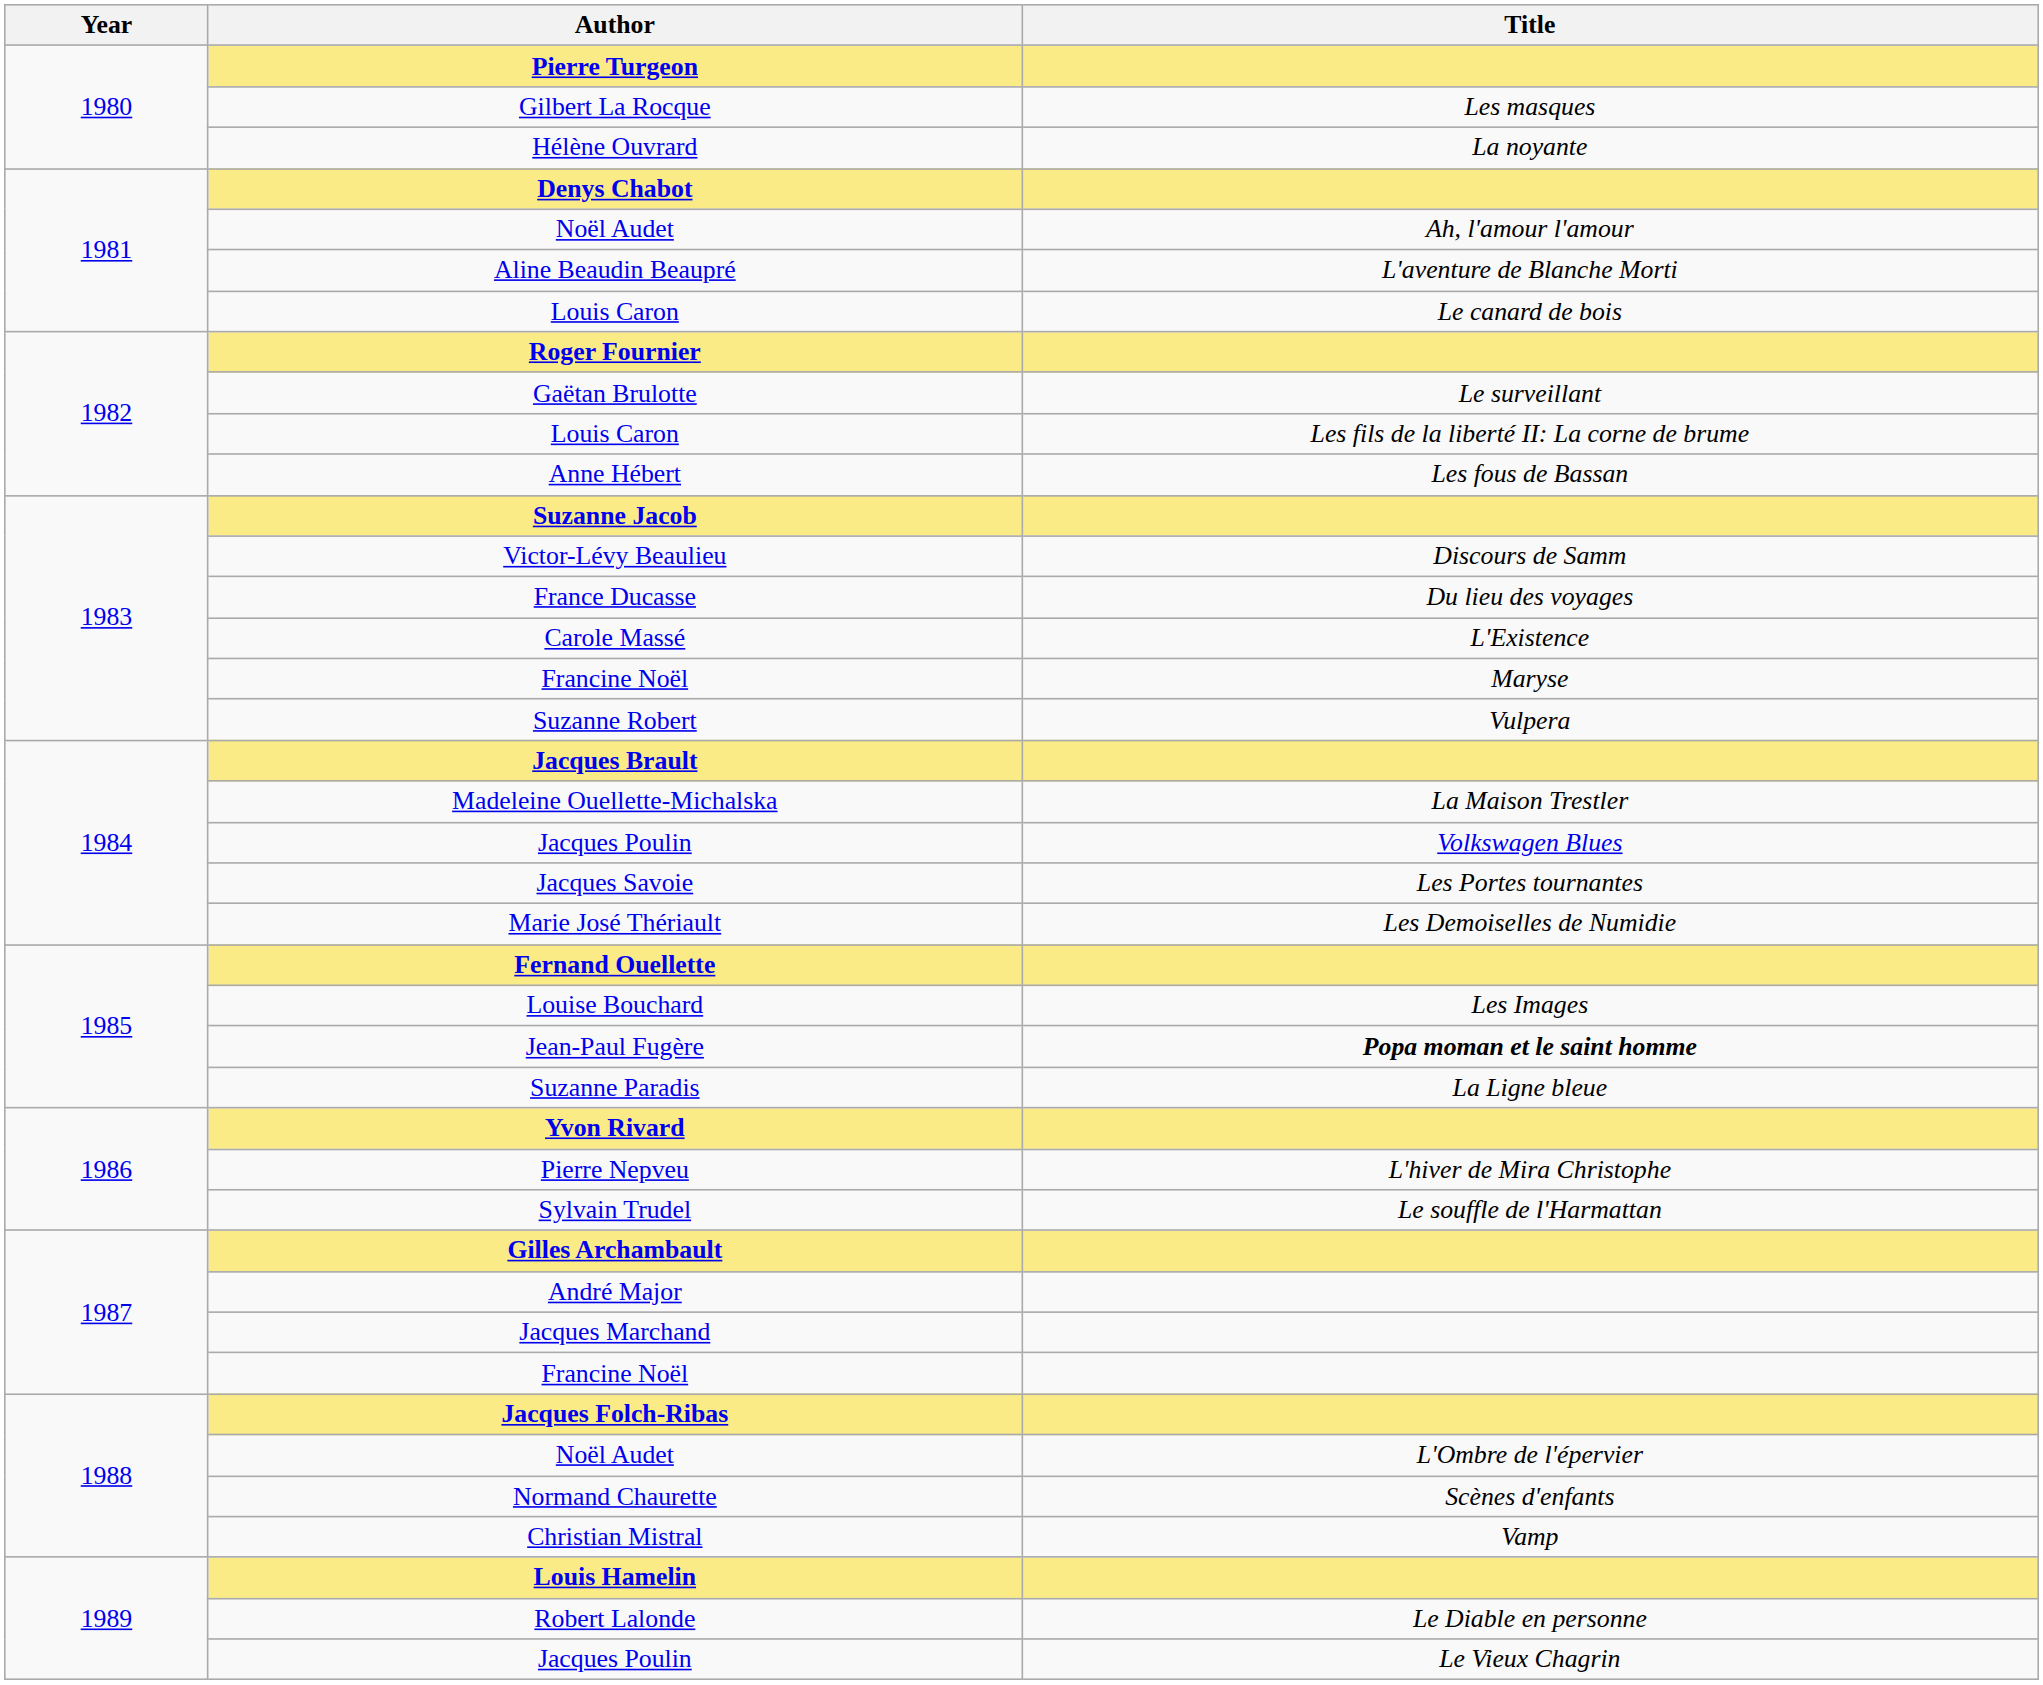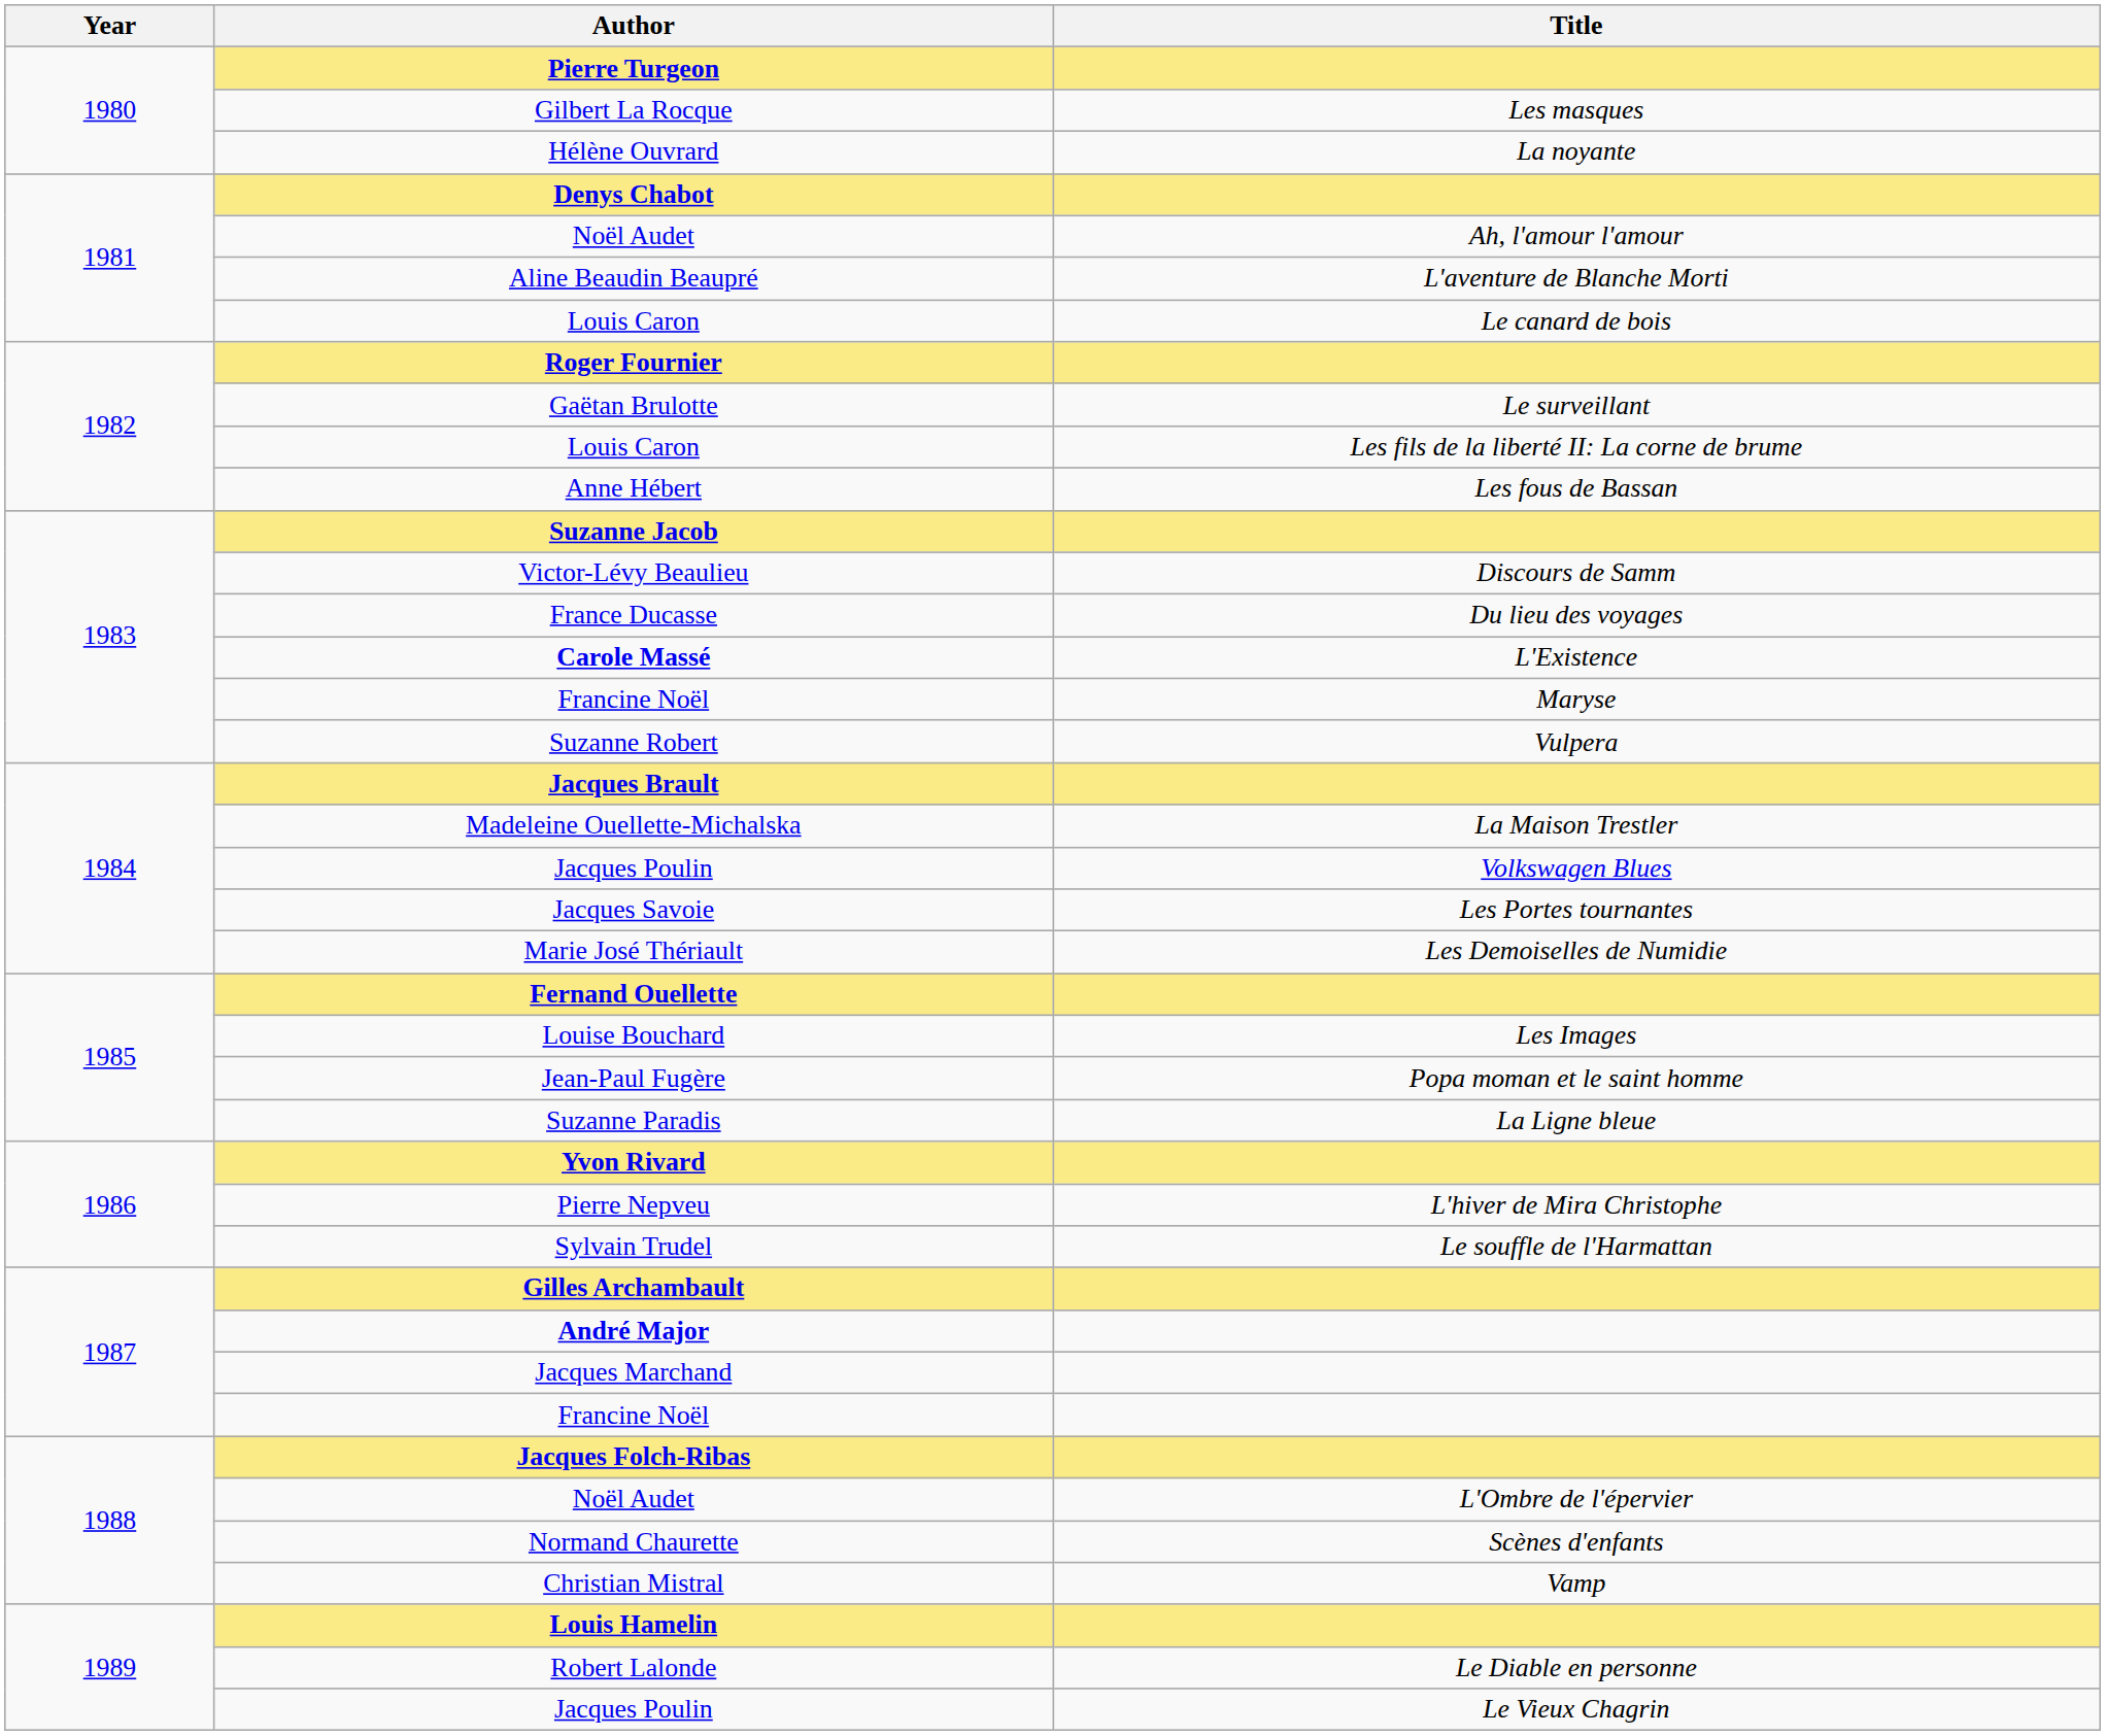 <table class="wikitable" width="100%">
 <tr>
 <th>Year</th>
 <th width="40%">Author</th>
 <th width="50%">Title</th>
 </tr>
 <tr>
 <td align="center" rowspan="3"><a href='#'>1980</a></td>
 <td align="center" style="background:#FAEB86"><strong><a href='#'>Pierre Turgeon</a></strong></td>
 <td align="center" style="background:#FAEB86"><strong><em></em></strong></td>
 </tr>
 <tr>
 <td align="center"><a href='#'>Gilbert La Rocque</a></td>
 <td align="center"><em>Les masques</em></td>
 </tr>
 <tr>
 <td align="center"><a href='#'>Hélène Ouvrard</a></td>
 <td align="center"><em>La noyante</em></td>
 </tr>
 <tr>
 <td align="center" rowspan="4"><a href='#'>1981</a></td>
 <td align="center" style="background:#FAEB86"><strong><a href='#'>Denys Chabot</a></strong></td>
 <td align="center" style="background:#FAEB86"><strong><em></em></strong></td>
 </tr>
 <tr>
 <td align="center"><a href='#'>Noël Audet</a></td>
 <td align="center"><em>Ah, l'amour l'amour</em></td>
 </tr>
 <tr>
 <td align="center"><a href='#'>Aline Beaudin Beaupré</a></td>
 <td align="center"><em>L'aventure de Blanche Morti</em></td>
 </tr>
 <tr>
 <td align="center"><a href='#'>Louis Caron</a></td>
 <td align="center"><em>Le canard de bois</em></td>
 </tr>
 <tr>
 <td align="center" rowspan="4"><a href='#'>1982</a></td>
 <td align="center" style="background:#FAEB86"><strong><a href='#'>Roger Fournier</a></strong></td>
 <td align="center" style="background:#FAEB86"><strong><em></em></strong></td>
 </tr>
 <tr>
 <td align="center"><a href='#'>Gaëtan Brulotte</a></td>
 <td align="center"><em>Le surveillant</em></td>
 </tr>
 <tr>
 <td align="center"><a href='#'>Louis Caron</a></td>
 <td align="center"><em>Les fils de la liberté II:  La corne de brume</em></td>
 </tr>
 <tr>
 <td align="center"><a href='#'>Anne Hébert</a></td>
 <td align="center"><em>Les fous de Bassan</em></td>
 </tr>
 <tr>
 <td align="center" rowspan="6"><a href='#'>1983</a></td>
 <td align="center" style="background:#FAEB86"><strong><a href='#'>Suzanne Jacob</a></strong></td>
 <td align="center" style="background:#FAEB86"><strong><em></em></strong></td>
 </tr>
 <tr>
 <td align="center"><a href='#'>Victor-Lévy Beaulieu</a></td>
 <td align="center"><em>Discours de Samm</em></td>
 </tr>
 <tr>
 <td align="center"><a href='#'>France Ducasse</a></td>
 <td align="center"><em>Du lieu des voyages</em></td>
 </tr>
 <tr>
-<td align="center"><a href='#'>Carole Massé</a></td>
+<td align="center"><strong><a href='#'>Carole Massé</a></strong></td>
 <td align="center"><em>L'Existence</em></td>
 </tr>
 <tr>
 <td align="center"><a href='#'>Francine Noël</a></td>
 <td align="center"><em>Maryse</em></td>
 </tr>
 <tr>
 <td align="center"><a href='#'>Suzanne Robert</a></td>
 <td align="center"><em>Vulpera</em></td>
 </tr>
 <tr>
 <td align="center" rowspan="5"><a href='#'>1984</a></td>
 <td align="center" style="background:#FAEB86"><strong><a href='#'>Jacques Brault</a></strong></td>
 <td align="center" style="background:#FAEB86"><strong><em></em></strong></td>
 </tr>
 <tr>
 <td align="center"><a href='#'>Madeleine Ouellette-Michalska</a></td>
 <td align="center"><em>La Maison Trestler</em></td>
 </tr>
 <tr>
 <td align="center"><a href='#'>Jacques Poulin</a></td>
 <td align="center"><em><a href='#'>Volkswagen Blues</a></em></td>
 </tr>
 <tr>
 <td align="center"><a href='#'>Jacques Savoie</a></td>
 <td align="center"><em>Les Portes tournantes</em></td>
 </tr>
 <tr>
 <td align="center"><a href='#'>Marie José Thériault</a></td>
 <td align="center"><em>Les Demoiselles de Numidie</em></td>
 </tr>
 <tr>
 <td align="center" rowspan="4"><a href='#'>1985</a></td>
 <td align="center" style="background:#FAEB86"><strong><a href='#'>Fernand Ouellette</a></strong></td>
 <td align="center" style="background:#FAEB86"><strong><em></em></strong></td>
 </tr>
 <tr>
 <td align="center"><a href='#'>Louise Bouchard</a></td>
 <td align="center"><em>Les Images</em></td>
 </tr>
 <tr>
 <td align="center"><a href='#'>Jean-Paul Fugère</a></td>
-<td align="center"><strong><em>Popa moman et le saint homme</em></strong></td>
+<td align="center"><em>Popa moman et le saint homme</em></td>
 </tr>
 <tr>
 <td align="center"><a href='#'>Suzanne Paradis</a></td>
 <td align="center"><em>La Ligne bleue</em></td>
 </tr>
 <tr>
 <td align="center" rowspan="3"><a href='#'>1986</a></td>
 <td align="center" style="background:#FAEB86"><strong><a href='#'>Yvon Rivard</a></strong></td>
 <td align="center" style="background:#FAEB86"><strong><em></em></strong></td>
 </tr>
 <tr>
 <td align="center"><a href='#'>Pierre Nepveu</a></td>
 <td align="center"><em>L'hiver de Mira Christophe</em></td>
 </tr>
 <tr>
 <td align="center"><a href='#'>Sylvain Trudel</a></td>
 <td align="center"><em>Le souffle de l'Harmattan</em></td>
 </tr>
 <tr>
 <td align="center" rowspan="4"><a href='#'>1987</a></td>
 <td align="center" style="background:#FAEB86"><strong><a href='#'>Gilles Archambault</a></strong></td>
 <td align="center" style="background:#FAEB86"><strong><em></em></strong></td>
 </tr>
 <tr>
-<td align="center"><a href='#'>André Major</a></td>
+<td align="center"><strong><a href='#'>André Major</a></strong></td>
 <td align="center"><em></em></td>
 </tr>
 <tr>
 <td align="center"><a href='#'>Jacques Marchand</a></td>
 <td align="center"><em></em></td>
 </tr>
 <tr>
 <td align="center"><a href='#'>Francine Noël</a></td>
 <td align="center"><em></em></td>
 </tr>
 <tr>
 <td align="center" rowspan="4"><a href='#'>1988</a></td>
 <td align="center" style="background:#FAEB86"><strong><a href='#'>Jacques Folch-Ribas</a></strong></td>
 <td align="center" style="background:#FAEB86"><strong><em></em></strong></td>
 </tr>
 <tr>
 <td align="center"><a href='#'>Noël Audet</a></td>
 <td align="center"><em>L'Ombre de l'épervier</em></td>
 </tr>
 <tr>
 <td align="center"><a href='#'>Normand Chaurette</a></td>
 <td align="center"><em>Scènes d'enfants</em></td>
 </tr>
 <tr>
 <td align="center"><a href='#'>Christian Mistral</a></td>
 <td align="center"><em>Vamp</em></td>
 </tr>
 <tr>
 <td align="center" rowspan="3"><a href='#'>1989</a></td>
 <td align="center" style="background:#FAEB86"><strong><a href='#'>Louis Hamelin</a></strong></td>
 <td align="center" style="background:#FAEB86"><strong><em></em></strong></td>
 </tr>
 <tr>
 <td align="center"><a href='#'>Robert Lalonde</a></td>
 <td align="center"><em>Le Diable en personne</em></td>
 </tr>
 <tr>
 <td align="center"><a href='#'>Jacques Poulin</a></td>
 <td align="center"><em>Le Vieux Chagrin</em></td>
 </tr>
 </table>
